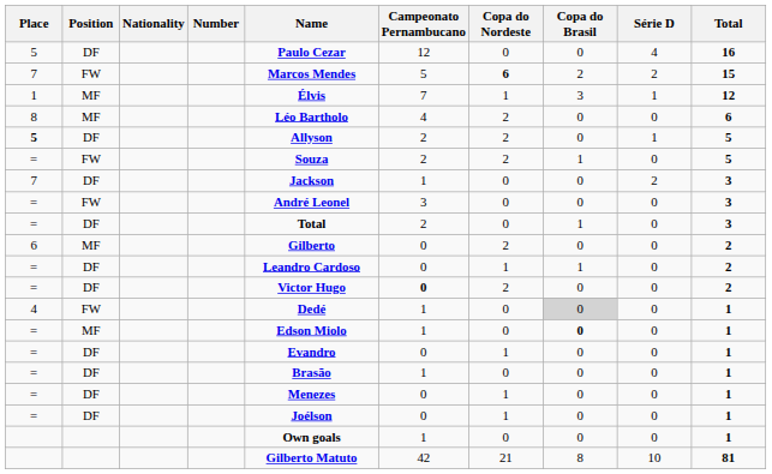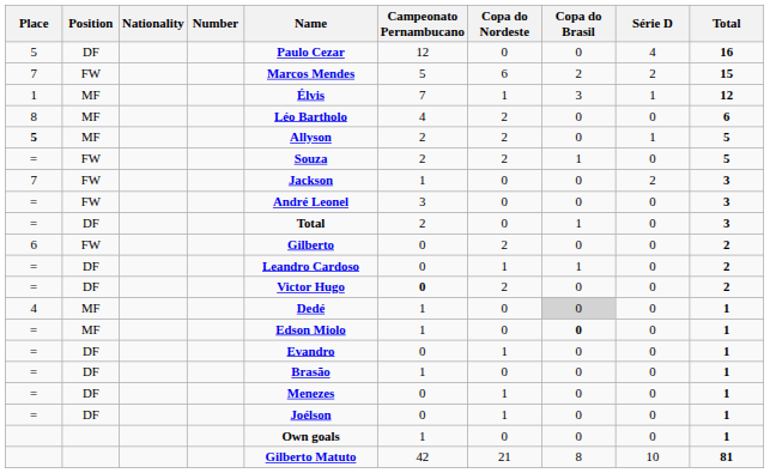 <table class="wikitable" style="font-size: 95%; text-align: center;">
 <tr>
 <th width=60>Place</th>
 <th width=60>Position</th>
 <th width=60>Nationality</th>
 <th width=60>Number</th>
 <th width=150>Name</th>
 <th width=80>Campeonato Pernambucano</th>
 <th width=80>Copa do Nordeste</th>
 <th width=80>Copa do Brasil</th>
 <th width=80>Série D</th>
 <th width=80>Total</th>
 </tr>
 <tr>
 <td>5</td>
 <td>DF</td>
 <td></td>
 <td></td>
 <td><strong><a href='#'>Paulo Cezar</a></strong></td>
 <td>12</td>
 <td>0</td>
 <td>0</td>
 <td>4</td>
 <td><strong>16</strong></td>
 </tr>
 <tr>
 <td>7</td>
 <td>FW</td>
 <td></td>
 <td></td>
 <td><strong><a href='#'>Marcos Mendes</a></strong></td>
 <td>5</td>
-<td><strong>6</strong></td>
+<td>6</td>
 <td>2</td>
 <td>2</td>
 <td><strong>15</strong></td>
 </tr>
 <tr>
 <td>1</td>
 <td>MF</td>
 <td></td>
 <td></td>
 <td><strong><a href='#'>Élvis</a></strong></td>
 <td>7</td>
 <td>1</td>
 <td>3</td>
 <td>1</td>
 <td><strong>12</strong></td>
 </tr>
 <tr>
 <td>8</td>
 <td>MF</td>
 <td></td>
 <td></td>
 <td><strong><a href='#'>Léo Bartholo</a></strong></td>
 <td>4</td>
 <td>2</td>
 <td>0</td>
 <td>0</td>
 <td><strong>6</strong></td>
 </tr>
 <tr>
 <td><strong>5</strong></td>
-<td>DF</td>
+<td>MF</td>
 <td></td>
 <td></td>
 <td><strong><a href='#'>Allyson</a></strong></td>
 <td>2</td>
 <td>2</td>
 <td>0</td>
 <td>1</td>
 <td><strong>5</strong></td>
 </tr>
 <tr>
 <td>=</td>
 <td>FW</td>
 <td></td>
 <td></td>
 <td><strong><a href='#'>Souza</a></strong></td>
 <td>2</td>
 <td>2</td>
 <td>1</td>
 <td>0</td>
 <td><strong>5</strong></td>
 </tr>
 <tr>
 <td>7</td>
-<td>DF</td>
+<td>FW</td>
 <td></td>
 <td></td>
 <td><strong><a href='#'>Jackson</a></strong></td>
 <td>1</td>
 <td>0</td>
 <td>0</td>
 <td>2</td>
 <td><strong>3</strong></td>
 </tr>
 <tr>
 <td>=</td>
 <td>FW</td>
 <td></td>
 <td></td>
 <td><strong><a href='#'>André Leonel</a></strong></td>
 <td>3</td>
 <td>0</td>
 <td>0</td>
 <td>0</td>
 <td><strong>3</strong></td>
 </tr>
 <tr>
 <td>=</td>
 <td>DF</td>
 <td></td>
 <td></td>
 <td><strong>Total</strong></td>
 <td>2</td>
 <td>0</td>
 <td>1</td>
 <td>0</td>
 <td><strong>3</strong></td>
 </tr>
 <tr>
 <td>6</td>
-<td>MF</td>
+<td>FW</td>
 <td></td>
 <td></td>
 <td><strong><a href='#'>Gilberto</a></strong></td>
 <td>0</td>
 <td>2</td>
 <td>0</td>
 <td>0</td>
 <td><strong>2</strong></td>
 </tr>
 <tr>
 <td>=</td>
 <td>DF</td>
 <td></td>
 <td></td>
 <td><strong><a href='#'>Leandro Cardoso</a></strong></td>
 <td>0</td>
 <td>1</td>
 <td>1</td>
 <td>0</td>
 <td><strong>2</strong></td>
 </tr>
 <tr>
 <td>=</td>
 <td>DF</td>
 <td></td>
 <td></td>
 <td><strong><a href='#'>Victor Hugo</a></strong></td>
 <td><strong>0</strong></td>
 <td>2</td>
 <td>0</td>
 <td>0</td>
 <td><strong>2</strong></td>
 </tr>
 <tr>
 <td>4</td>
-<td>FW</td>
+<td>MF</td>
 <td></td>
 <td></td>
 <td><strong><a href='#'>Dedé</a></strong></td>
 <td>1</td>
 <td>0</td>
 <td style="background: lightgrey;">0</td>
 <td>0</td>
 <td><strong>1</strong></td>
 </tr>
 <tr>
 <td>=</td>
 <td>MF</td>
 <td></td>
 <td></td>
 <td><strong><a href='#'>Edson Miolo</a></strong></td>
 <td>1</td>
 <td>0</td>
 <td><strong>0</strong></td>
 <td>0</td>
 <td><strong>1</strong></td>
 </tr>
 <tr>
 <td>=</td>
 <td>DF</td>
 <td></td>
 <td></td>
 <td><strong><a href='#'>Evandro</a></strong></td>
 <td>0</td>
 <td>1</td>
 <td>0</td>
 <td>0</td>
 <td><strong>1</strong></td>
 </tr>
 <tr>
 <td>=</td>
 <td>DF</td>
 <td></td>
 <td></td>
 <td><strong><a href='#'>Brasão</a></strong></td>
 <td>1</td>
 <td>0</td>
 <td>0</td>
 <td>0</td>
 <td><strong>1</strong></td>
 </tr>
 <tr>
 <td>=</td>
 <td>DF</td>
 <td></td>
 <td></td>
 <td><strong><a href='#'>Menezes</a></strong></td>
 <td>0</td>
 <td>1</td>
 <td>0</td>
 <td>0</td>
 <td><strong>1</strong></td>
 </tr>
 <tr>
 <td>=</td>
 <td>DF</td>
 <td></td>
 <td></td>
 <td><strong><a href='#'>Joélson</a></strong></td>
 <td>0</td>
 <td>1</td>
 <td>0</td>
 <td>0</td>
 <td><strong>1</strong></td>
 </tr>
 <tr>
 <td></td>
 <td></td>
 <td></td>
 <td></td>
 <td><strong>Own goals</strong></td>
 <td>1</td>
 <td>0</td>
 <td>0</td>
 <td>0</td>
 <td><strong>1</strong></td>
 </tr>
 <tr>
 <td></td>
 <td></td>
 <td></td>
 <td></td>
 <td><strong><a href='#'>Gilberto Matuto</a></strong></td>
 <td>42</td>
 <td>21</td>
 <td>8</td>
 <td>10</td>
 <td><strong>81</strong></td>
 </tr>
 </table>
